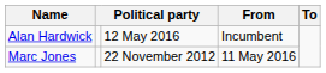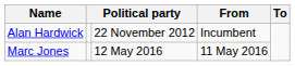 <table class="wikitable">
 <tr>
 <th scope="col">Name</th>
 <th scope="col" colspan="2">Political party</th>
 <th scope="col">From </th>
 <th scope="col">To</th>
 </tr>
 <tr>
 <td><a href='#'>Alan Hardwick</a></td>
 <td></td>
-<td>12 May 2016</td>
+<td>22 November 2012</td>
 <td>Incumbent</td>
 </tr>
 <tr>
 <td><a href='#'>Marc Jones</a></td>
 <td></td>
-<td>22 November 2012</td>
+<td>12 May 2016</td>
 <td>11 May 2016</td>
 </tr>
 </table>
